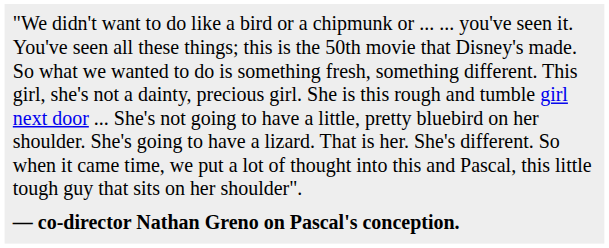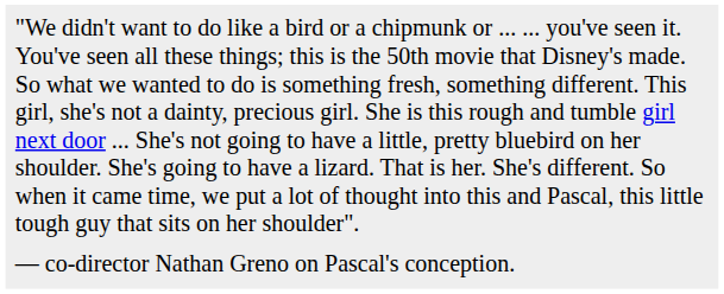 <table class="toccolours" style="float:left; margin-left:1em; margin-right:2em; font-size:85%; background:#eee; color:black; width:30em; max-width:40%;" cellspacing="5">
 <tr>
 <td style="text-align: left;">"We didn't want to do like a bird or a chipmunk or ...  ... you've seen it. You've seen all these things; this is the 50th movie that Disney's made. So what we wanted to do is something fresh, something different. This girl, she's not a dainty, precious girl. She is this rough and tumble <a href='#'>girl next door</a> ... She's not going to have a little, pretty bluebird on her shoulder. She's going to have a lizard. That is her. She's different. So when it came time, we put a lot of thought into this and Pascal, this little tough guy that sits on her shoulder".</td>
 </tr>
 <tr>
-<td style="text-align: left;"><strong>— co-director Nathan Greno on Pascal's conception.</strong></td>
+<td style="text-align: left;">— co-director Nathan Greno on Pascal's conception.</td>
 </tr>
 </table>
